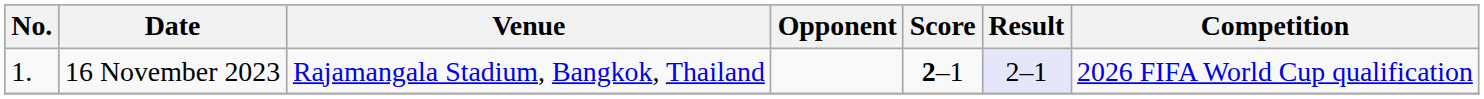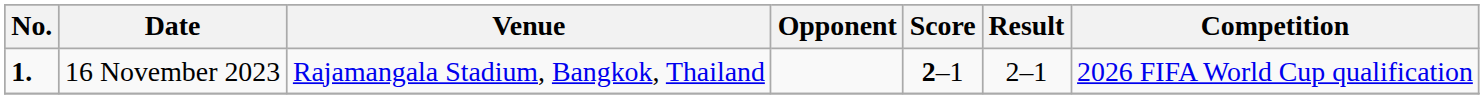 <table class="wikitable" style="font-size:100%;">
 <tr>
 <th>No.</th>
 <th>Date</th>
 <th>Venue</th>
 <th>Opponent</th>
 <th>Score</th>
 <th>Result</th>
 <th>Competition</th>
 </tr>
 <tr>
-<td>1.</td>
+<td><strong>1.</strong></td>
 <td>16 November 2023</td>
 <td><a href='#'>Rajamangala Stadium</a>, <a href='#'>Bangkok</a>, <a href='#'>Thailand</a></td>
 <td></td>
 <td align=center><strong>2</strong>–1</td>
-<td align=center style="background: lavender;">2–1</td>
+<td align=center>2–1</td>
 <td><a href='#'>2026 FIFA World Cup qualification</a></td>
 </tr>
 <tr>
 </tr>
 </table>
